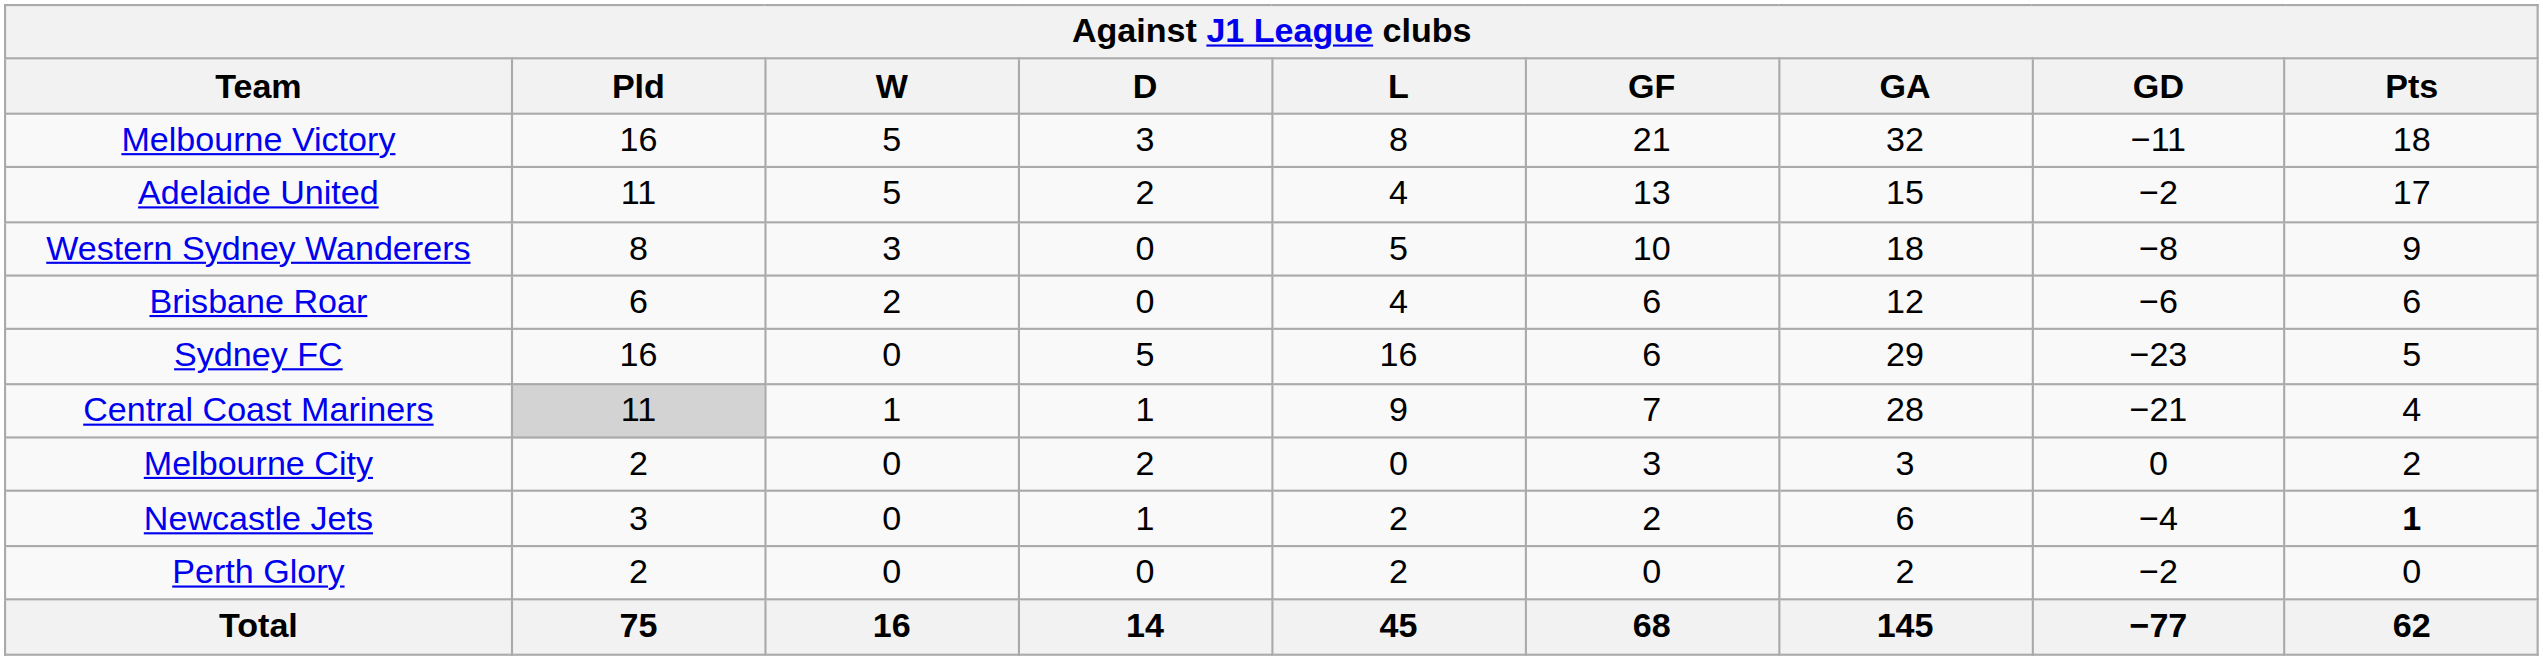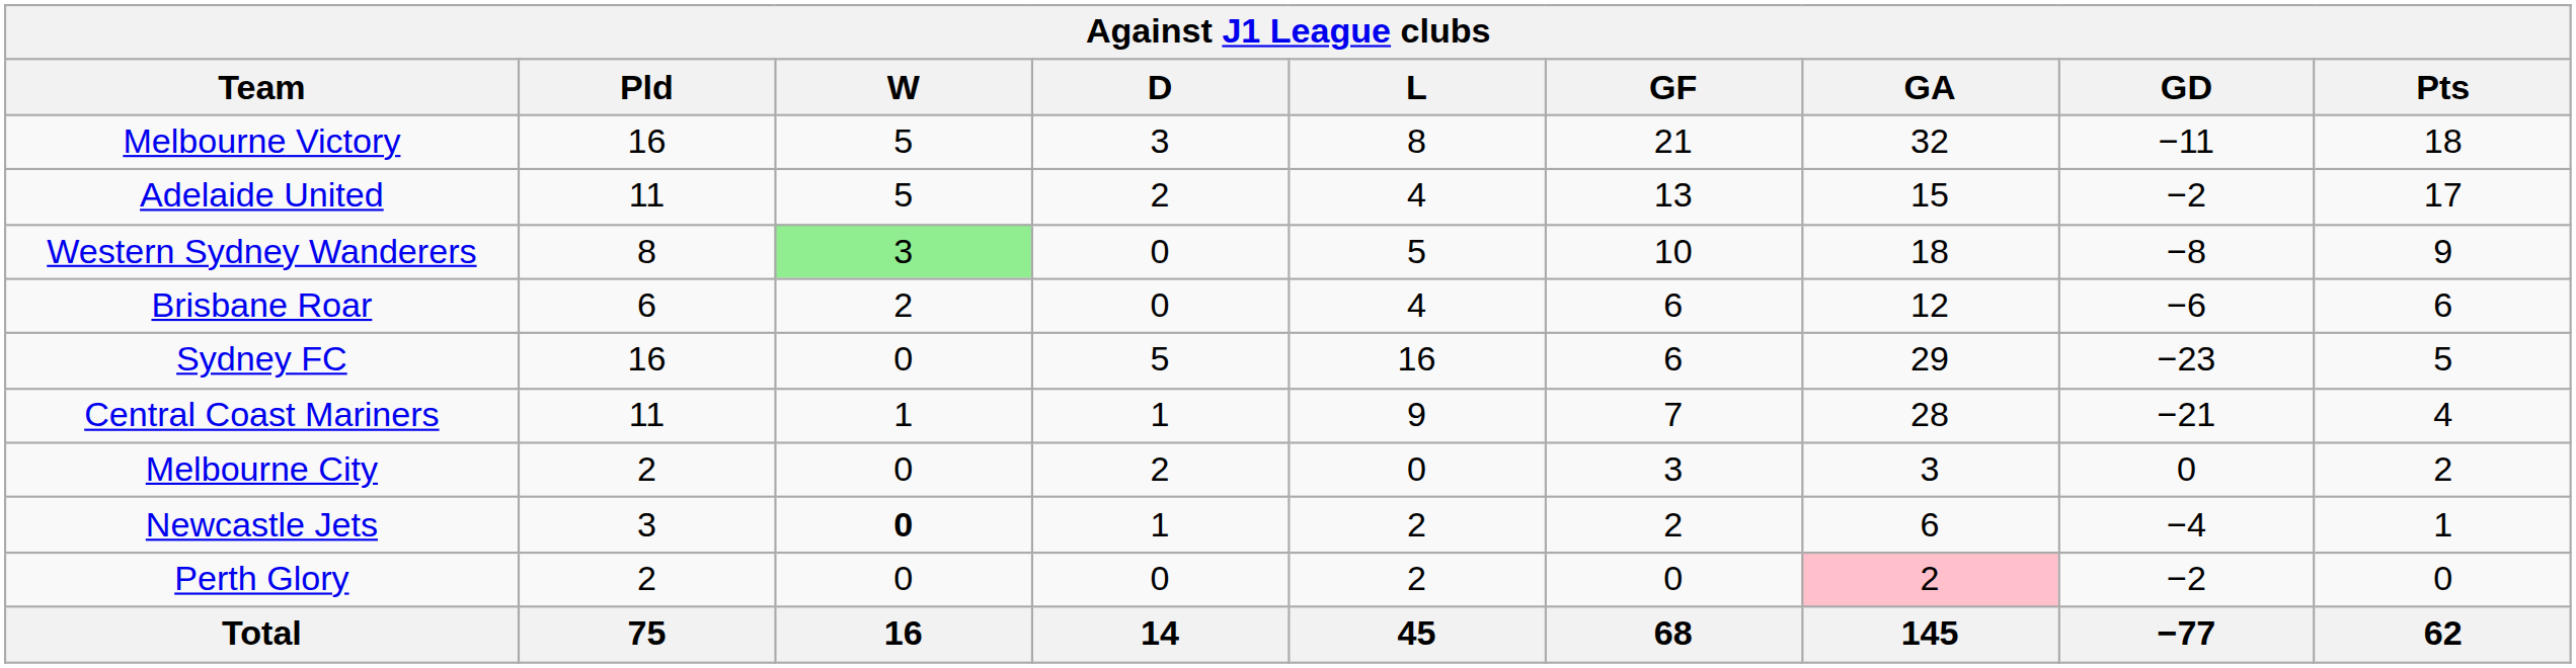 <table width=60% class="wikitable" style="text-align:center">
 <tr>
 <th colspan=9>Against <a href='#'>J1 League</a> clubs</th>
 </tr>
 <tr>
 <th width=10%>Team</th>
 <th width=5%>Pld</th>
 <th width=5%>W</th>
 <th width=5%>D</th>
 <th width=5%>L</th>
 <th width=5%>GF</th>
 <th width=5%>GA</th>
 <th width=5%>GD</th>
 <th width=5%>Pts</th>
 </tr>
 <tr>
 <td><a href='#'>Melbourne Victory</a></td>
 <td>16</td>
 <td>5</td>
 <td>3</td>
 <td>8</td>
 <td>21</td>
 <td>32</td>
 <td>−11</td>
 <td>18</td>
 </tr>
 <tr>
 <td align=center><a href='#'>Adelaide United</a></td>
 <td>11</td>
 <td>5</td>
 <td>2</td>
 <td>4</td>
 <td>13</td>
 <td>15</td>
 <td>−2</td>
 <td>17</td>
 </tr>
 <tr>
 <td><a href='#'>Western Sydney Wanderers</a></td>
 <td>8</td>
-<td>3</td>
+<td style="background: lightgreen;">3</td>
 <td>0</td>
 <td>5</td>
 <td>10</td>
 <td>18</td>
 <td>−8</td>
 <td>9</td>
 </tr>
 <tr>
 <td><a href='#'>Brisbane Roar</a></td>
 <td>6</td>
 <td>2</td>
 <td>0</td>
 <td>4</td>
 <td>6</td>
 <td>12</td>
 <td>−6</td>
 <td>6</td>
 </tr>
 <tr>
 <td><a href='#'>Sydney FC</a></td>
 <td>16</td>
 <td>0</td>
 <td>5</td>
 <td>16</td>
 <td>6</td>
 <td>29</td>
 <td>−23</td>
 <td>5</td>
 </tr>
 <tr>
 <td><a href='#'>Central Coast Mariners</a></td>
-<td style="background: lightgrey;">11</td>
+<td>11</td>
 <td>1</td>
 <td>1</td>
 <td>9</td>
 <td>7</td>
 <td>28</td>
 <td>−21</td>
 <td>4</td>
 </tr>
 <tr>
 <td><a href='#'>Melbourne City</a></td>
 <td>2</td>
 <td>0</td>
 <td>2</td>
 <td>0</td>
 <td>3</td>
 <td>3</td>
 <td>0</td>
 <td>2</td>
 </tr>
 <tr>
 <td><a href='#'>Newcastle Jets</a></td>
 <td>3</td>
-<td>0</td>
+<td><strong>0</strong></td>
 <td>1</td>
 <td>2</td>
 <td>2</td>
 <td>6</td>
 <td>−4</td>
-<td><strong>1</strong></td>
+<td>1</td>
 </tr>
 <tr>
 <td><a href='#'>Perth Glory</a></td>
 <td>2</td>
 <td>0</td>
 <td>0</td>
 <td>2</td>
 <td>0</td>
-<td>2</td>
+<td style="background: pink;">2</td>
 <td>−2</td>
 <td>0</td>
 </tr>
 <tr>
 <th>Total</th>
 <th>75</th>
 <th>16</th>
 <th>14</th>
 <th>45</th>
 <th>68</th>
 <th>145</th>
 <th>−77</th>
 <th>62</th>
 </tr>
 </table>
